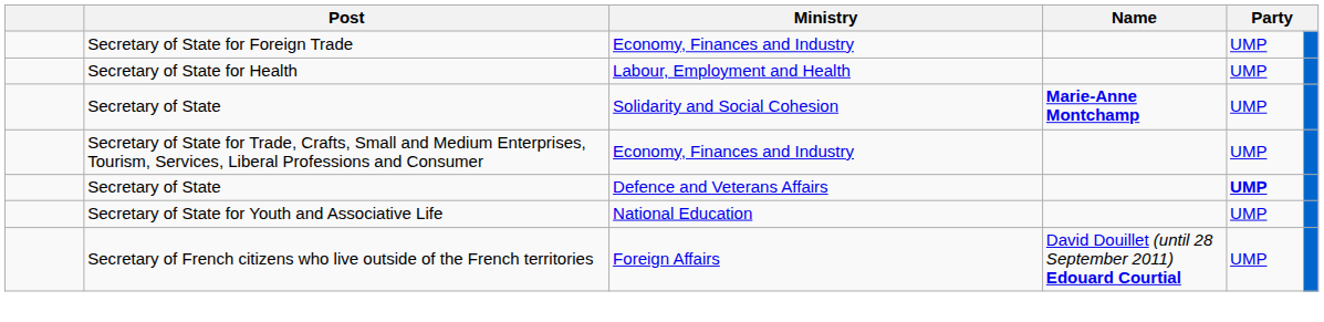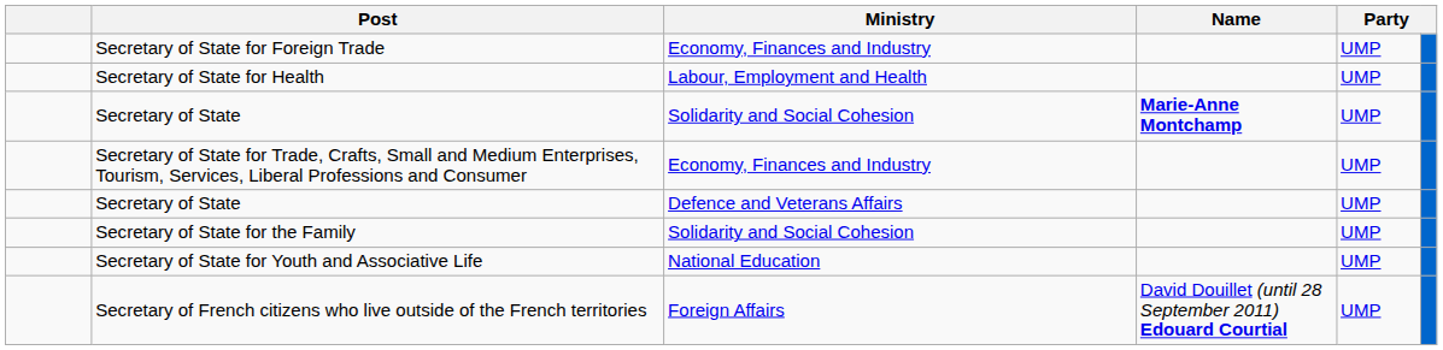 <table class="wikitable sortable" style="width:100%;">
 <tr>
 <th class="unsortable"></th>
 <th width=40%>Post</th>
 <th width=33%>Ministry</th>
 <th width=14%>Name</th>
 <th colspan="2" width="7%">Party</th>
 </tr>
 <tr>
 <td></td>
 <td>Secretary of State for Foreign Trade</td>
 <td><a href='#'>Economy, Finances and Industry</a></td>
 <td></td>
 <td><a href='#'>UMP</a></td>
 <td style="width:1px;; background:#0066cc;"></td>
 </tr>
 <tr>
 <td></td>
 <td>Secretary of State for Health</td>
 <td><a href='#'>Labour, Employment and Health</a></td>
 <td></td>
 <td><a href='#'>UMP</a></td>
 <td style="width:1px;; background:#0066cc;"></td>
 </tr>
 <tr>
 <td></td>
 <td>Secretary of State</td>
 <td><a href='#'>Solidarity and Social Cohesion</a></td>
 <td><strong><a href='#'>Marie-Anne Montchamp</a></strong></td>
 <td><a href='#'>UMP</a></td>
 <td style="width:1px;; background:#0066cc;"></td>
 </tr>
 <tr>
 <td></td>
 <td>Secretary of State for Trade, Crafts, Small and Medium Enterprises, Tourism, Services, Liberal Professions and Consumer</td>
 <td><a href='#'>Economy, Finances and Industry</a></td>
 <td></td>
 <td><a href='#'>UMP</a></td>
 <td style="width:1px;; background:#0066cc;"></td>
 </tr>
 <tr>
 <td></td>
 <td>Secretary of State</td>
 <td><a href='#'>Defence and Veterans Affairs</a></td>
 <td></td>
-<td><strong><a href='#'>UMP</a></strong></td>
+<td><a href='#'>UMP</a></td>
+<td style="width:1px;; background:#0066cc;"></td>
+</tr>
+<tr>
+<td></td>
+<td>Secretary of State for the Family</td>
+<td><a href='#'>Solidarity and Social Cohesion</a></td>
+<td></td>
+<td><a href='#'>UMP</a></td>
 <td style="width:1px;; background:#0066cc;"></td>
 </tr>
 <tr>
 <td></td>
 <td>Secretary of State for Youth and Associative Life</td>
 <td><a href='#'>National Education</a></td>
 <td></td>
 <td><a href='#'>UMP</a></td>
 <td style="width:1px;; background:#0066cc;"></td>
 </tr>
 <tr>
 <td></td>
 <td>Secretary of French citizens who live outside of the French territories</td>
 <td><a href='#'>Foreign Affairs</a></td>
 <td><a href='#'>David Douillet</a> <em>(until 28 September 2011)</em> <br><strong><a href='#'>Edouard Courtial</a> </strong></td>
 <td><a href='#'>UMP</a></td>
 <td style="width:1px;; background:#0066cc;"></td>
 </tr>
 </table>
